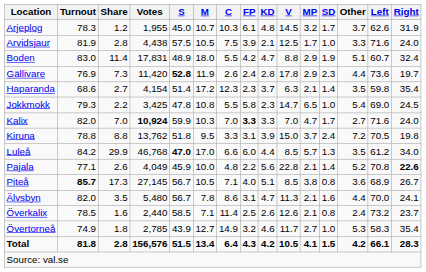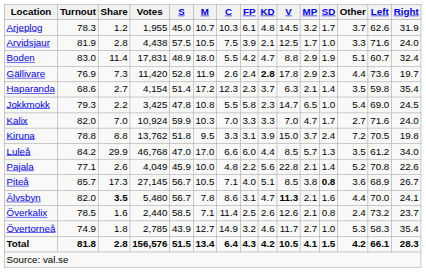 <table class="wikitable sortable" style=text-align:right>
 <tr>
 <th>Location</th>
 <th>Turnout</th>
 <th>Share</th>
 <th>Votes</th>
 <th><a href='#'>S</a></th>
 <th><a href='#'>M</a></th>
 <th><a href='#'>C</a></th>
 <th><a href='#'>FP</a></th>
 <th><a href='#'>KD</a></th>
 <th><a href='#'>V</a></th>
 <th><a href='#'>MP</a></th>
 <th><a href='#'>SD</a></th>
 <th>Other</th>
 <th><a href='#'>Left</a></th>
 <th><a href='#'>Right</a></th>
 </tr>
 <tr>
 <td align=left><a href='#'>Arjeplog</a></td>
 <td>78.3</td>
 <td>1.2</td>
 <td>1,955</td>
 <td>45.0</td>
 <td>10.7</td>
 <td>10.3</td>
 <td>6.1</td>
 <td>4.8</td>
 <td>14.5</td>
 <td>3.2</td>
 <td>1.7</td>
 <td>3.7</td>
 <td>62.6</td>
 <td>31.9</td>
 </tr>
 <tr>
 <td align=left><a href='#'>Arvidsjaur</a></td>
 <td>81.9</td>
 <td>2.8</td>
 <td>4,438</td>
 <td>57.5</td>
 <td>10.5</td>
 <td>7.5</td>
 <td>3.9</td>
 <td>2.1</td>
 <td>12.5</td>
 <td>1.7</td>
 <td>1.0</td>
 <td>3.3</td>
 <td>71.6</td>
 <td>24.0</td>
 </tr>
 <tr>
 <td align=left><a href='#'>Boden</a></td>
 <td>83.0</td>
 <td>11.4</td>
 <td>17,831</td>
 <td>48.9</td>
 <td>18.0</td>
 <td>5.5</td>
 <td>4.2</td>
 <td>4.7</td>
 <td>8.8</td>
 <td>2.9</td>
 <td>1.9</td>
 <td>5.1</td>
 <td>60.7</td>
 <td>32.4</td>
 </tr>
 <tr>
 <td align=left><a href='#'>Gällivare</a></td>
 <td>76.9</td>
 <td>7.3</td>
 <td>11,420</td>
-<td><strong>52.8</strong></td>
+<td>52.8</td>
 <td>11.9</td>
 <td>2.6</td>
 <td>2.4</td>
-<td>2.8</td>
+<td><strong>2.8</strong></td>
 <td>17.8</td>
 <td>2.9</td>
 <td>2.3</td>
 <td>4.4</td>
 <td>73.6</td>
 <td>19.7</td>
 </tr>
 <tr>
 <td align=left><a href='#'>Haparanda</a></td>
 <td>68.6</td>
 <td>2.7</td>
 <td>4,154</td>
 <td>51.4</td>
 <td>17.2</td>
 <td>12.3</td>
 <td>2.3</td>
 <td>3.7</td>
 <td>6.3</td>
 <td>2.1</td>
 <td>1.4</td>
 <td>3.5</td>
 <td>59.8</td>
 <td>35.4</td>
 </tr>
 <tr>
 <td align=left><a href='#'>Jokkmokk</a></td>
 <td>79.3</td>
 <td>2.2</td>
 <td>3,425</td>
 <td>47.8</td>
 <td>10.8</td>
 <td>5.5</td>
 <td>5.8</td>
 <td>2.3</td>
 <td>14.7</td>
 <td>6.5</td>
 <td>1.0</td>
 <td>5.4</td>
 <td>69.0</td>
 <td>24.5</td>
 </tr>
 <tr>
 <td align=left><a href='#'>Kalix</a></td>
 <td>82.0</td>
 <td>7.0</td>
-<td><strong>10,924</strong></td>
+<td>10,924</td>
 <td>59.9</td>
 <td>10.3</td>
 <td>7.0</td>
-<td><strong>3.3</strong></td>
+<td>3.3</td>
 <td>3.3</td>
 <td>7.0</td>
 <td>4.7</td>
 <td>1.7</td>
 <td>2.7</td>
 <td>71.6</td>
 <td>24.0</td>
 </tr>
 <tr>
 <td align=left><a href='#'>Kiruna</a></td>
 <td>78.8</td>
 <td>8.8</td>
 <td>13,762</td>
 <td>51.8</td>
 <td>9.5</td>
 <td>3.3</td>
 <td>3.1</td>
 <td>3.9</td>
 <td>15.0</td>
 <td>3.7</td>
 <td>2.4</td>
 <td>7.2</td>
 <td>70.5</td>
 <td>19.8</td>
 </tr>
 <tr>
 <td align=left><a href='#'>Luleå</a></td>
 <td>84.2</td>
 <td>29.9</td>
 <td>46,768</td>
-<td><strong>47.0</strong></td>
+<td>47.0</td>
 <td>17.0</td>
 <td>6.6</td>
 <td>6.0</td>
 <td>4.4</td>
 <td>8.5</td>
 <td>5.7</td>
 <td>1.3</td>
 <td>3.5</td>
 <td>61.2</td>
 <td>34.0</td>
 </tr>
 <tr>
 <td align=left><a href='#'>Pajala</a></td>
 <td>77.1</td>
 <td>2.6</td>
 <td>4,049</td>
 <td>45.9</td>
 <td>10.0</td>
 <td>4.8</td>
 <td>2.2</td>
 <td>5.6</td>
 <td>22.8</td>
 <td>2.1</td>
 <td>1.4</td>
 <td>5.2</td>
 <td>70.8</td>
-<td><strong>22.6</strong></td>
+<td>22.6</td>
 </tr>
 <tr>
 <td align=left><a href='#'>Piteå</a></td>
-<td><strong>85.7</strong></td>
+<td>85.7</td>
 <td>17.3</td>
 <td>27,145</td>
 <td>56.7</td>
 <td>10.5</td>
 <td>7.1</td>
 <td>4.0</td>
 <td>5.1</td>
 <td>8.5</td>
 <td>3.8</td>
-<td>0.8</td>
+<td><strong>0.8</strong></td>
 <td>3.6</td>
 <td>68.9</td>
 <td>26.7</td>
 </tr>
 <tr>
 <td align=left><a href='#'>Älvsbyn</a></td>
 <td>82.0</td>
-<td>3.5</td>
+<td><strong>3.5</strong></td>
 <td>5,480</td>
 <td>56.7</td>
 <td>7.8</td>
 <td>8.6</td>
 <td>3.1</td>
 <td>4.7</td>
-<td>11.3</td>
+<td><strong>11.3</strong></td>
 <td>2.1</td>
 <td>1.6</td>
 <td>4.4</td>
 <td>70.0</td>
 <td>24.1</td>
 </tr>
 <tr>
 <td align=left><a href='#'>Överkalix</a></td>
 <td>78.5</td>
 <td>1.6</td>
 <td>2,440</td>
 <td>58.5</td>
 <td>7.1</td>
 <td>11.4</td>
 <td>2.5</td>
 <td>2.6</td>
 <td>12.6</td>
 <td>2.1</td>
 <td>0.8</td>
 <td>2.4</td>
 <td>73.2</td>
 <td>23.7</td>
 </tr>
 <tr>
 <td align=left><a href='#'>Övertorneå</a></td>
 <td>74.9</td>
 <td>1.8</td>
 <td>2,785</td>
 <td>43.9</td>
 <td>12.7</td>
 <td>14.9</td>
 <td>3.2</td>
 <td>4.6</td>
 <td>11.7</td>
 <td>2.7</td>
 <td>1.0</td>
 <td>5.3</td>
 <td>58.3</td>
 <td>35.4</td>
 </tr>
 <tr>
 <td align=left><strong>Total</strong></td>
 <td><strong>81.8</strong></td>
 <td><strong>2.8</strong></td>
 <td><strong>156,576</strong></td>
 <td><strong>51.5</strong></td>
 <td><strong>13.4</strong></td>
 <td><strong>6.4</strong></td>
 <td><strong>4.3</strong></td>
 <td><strong>4.2</strong></td>
 <td><strong>10.5</strong></td>
 <td><strong>4.1</strong></td>
 <td><strong>1.5</strong></td>
 <td><strong>4.2</strong></td>
 <td><strong>66.1</strong></td>
 <td><strong>28.3</strong></td>
 </tr>
 <tr>
 <td align=left colspan=15>Source: val.se </td>
 </tr>
 </table>
